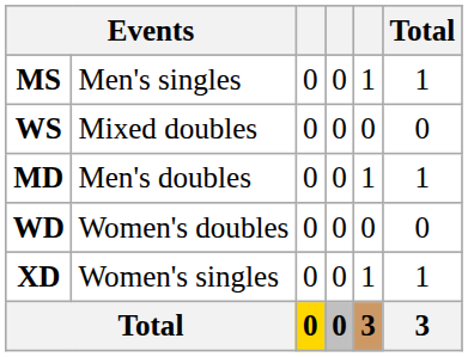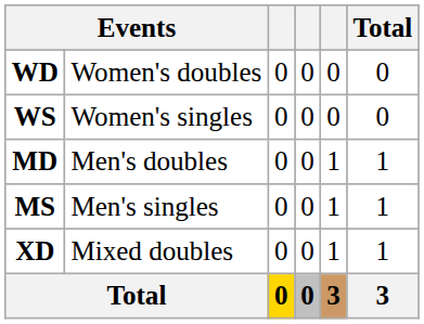 <table class="wikitable sortable" style="text-align:center; font-size:95%; background:white">
 <tr>
 <th colspan="2">Events</th>
 <th></th>
 <th></th>
 <th></th>
 <th>Total</th>
 </tr>
 <tr>
-<td><strong>MS</strong></td>
-<td align="left">Men's singles</td>
+<td><strong>WD</strong></td>
+<td align="left">Women's doubles</td>
 <td>0</td>
 <td>0</td>
-<td>1</td>
-<td>1</td>
+<td>0</td>
+<td>0</td>
 </tr>
 <tr>
 <td><strong>WS</strong></td>
-<td align="left">Mixed doubles</td>
+<td align="left">Women's singles</td>
 <td>0</td>
 <td>0</td>
 <td>0</td>
 <td>0</td>
 </tr>
 <tr>
 <td><strong>MD</strong></td>
 <td align="left">Men's doubles</td>
 <td>0</td>
 <td>0</td>
 <td>1</td>
 <td>1</td>
 </tr>
 <tr>
-<td><strong>WD</strong></td>
-<td align="left">Women's doubles</td>
+<td><strong>MS</strong></td>
+<td align="left">Men's singles</td>
 <td>0</td>
 <td>0</td>
-<td>0</td>
-<td>0</td>
+<td>1</td>
+<td>1</td>
 </tr>
 <tr>
 <td><strong>XD</strong></td>
-<td align="left">Women's singles</td>
+<td align="left">Mixed doubles</td>
 <td>0</td>
 <td>0</td>
 <td>1</td>
 <td>1</td>
 </tr>
 <tr>
 <th colspan=2>Total</th>
 <th style="background:gold">0</th>
 <th style="background:silver">0</th>
 <th style="background:#CC9966">3</th>
 <th>3</th>
 </tr>
 </table>
